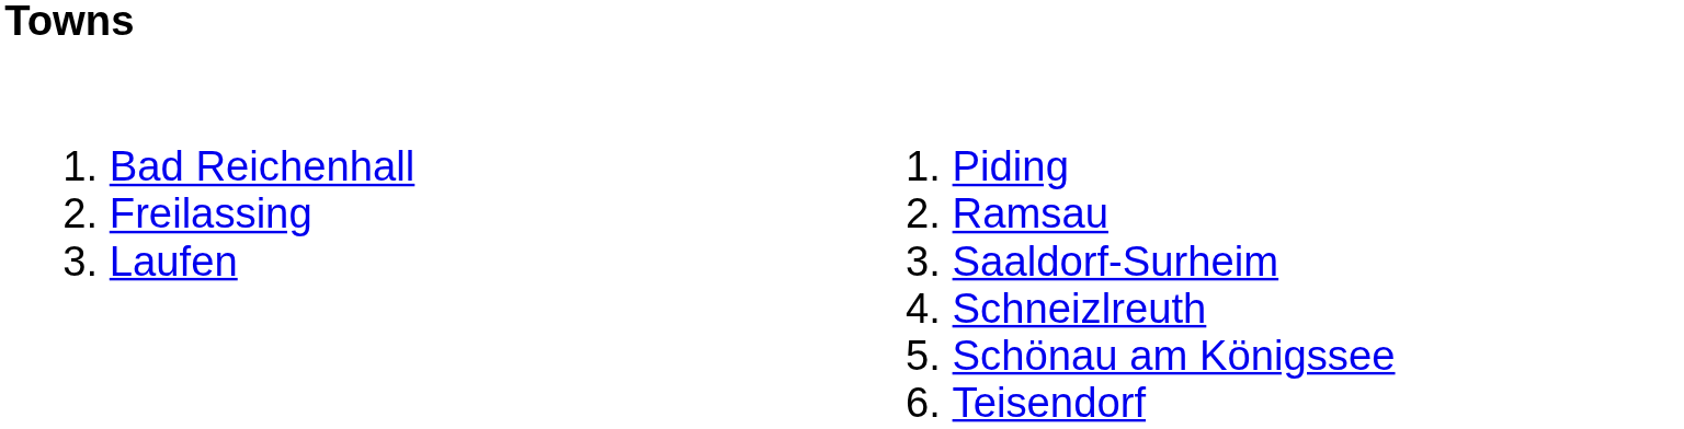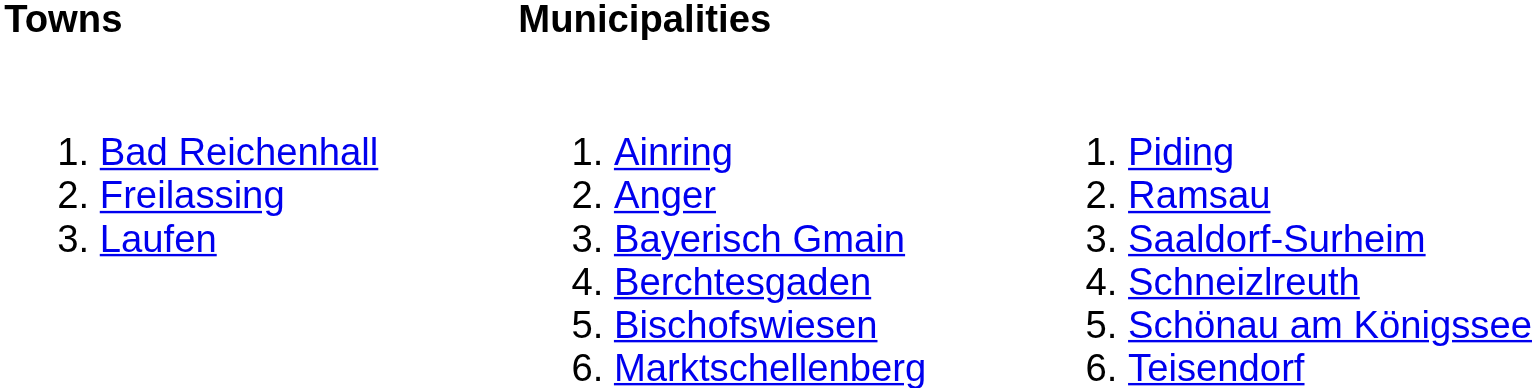 <table>
 <tr>
 <th align=left width=33%>Towns</th>
+<th align=left width=33%>Municipalities</th>
 <th align=left width=33%></th>
 </tr>
 <tr valign=top>
 <td><br><ol><li><a href='#'>Bad Reichenhall</a></li><li><a href='#'>Freilassing</a></li><li><a href='#'>Laufen</a></li></ol></td>
+<td><br><ol><li><a href='#'>Ainring</a></li><li><a href='#'>Anger</a></li><li><a href='#'>Bayerisch Gmain</a></li><li><a href='#'>Berchtesgaden</a></li><li><a href='#'>Bischofswiesen</a></li><li><a href='#'>Marktschellenberg</a></li></ol></td>
 <td><br><ol> <li> <a href='#'>Piding</a> <li> <a href='#'>Ramsau</a> <li> <a href='#'>Saaldorf-Surheim</a> <li> <a href='#'>Schneizlreuth</a> <li> <a href='#'>Schönau am Königssee</a> <li> <a href='#'>Teisendorf</a> </ol></td>
 </tr>
 </table>
